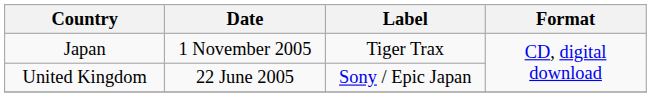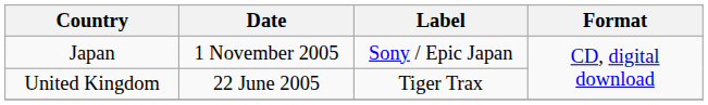 <table class="wikitable" style="text-align:center;">
 <tr>
 <th rowspan="1" width="132">Country</th>
 <th rowspan="1" width="132">Date</th>
 <th rowspan="1" width="132">Label</th>
 <th rowspan="1" width="132">Format</th>
 </tr>
 <tr>
 <td>Japan</td>
 <td>1 November 2005</td>
-<td>Tiger Trax</td>
+<td><a href='#'>Sony</a> / Epic Japan</td>
 <td rowspan="2"><a href='#'>CD</a>, <a href='#'>digital download</a></td>
 </tr>
 <tr>
 <td>United Kingdom</td>
 <td>22 June 2005</td>
-<td><a href='#'>Sony</a> / Epic Japan</td>
+<td>Tiger Trax</td>
 </tr>
 <tr>
 </tr>
 </table>
